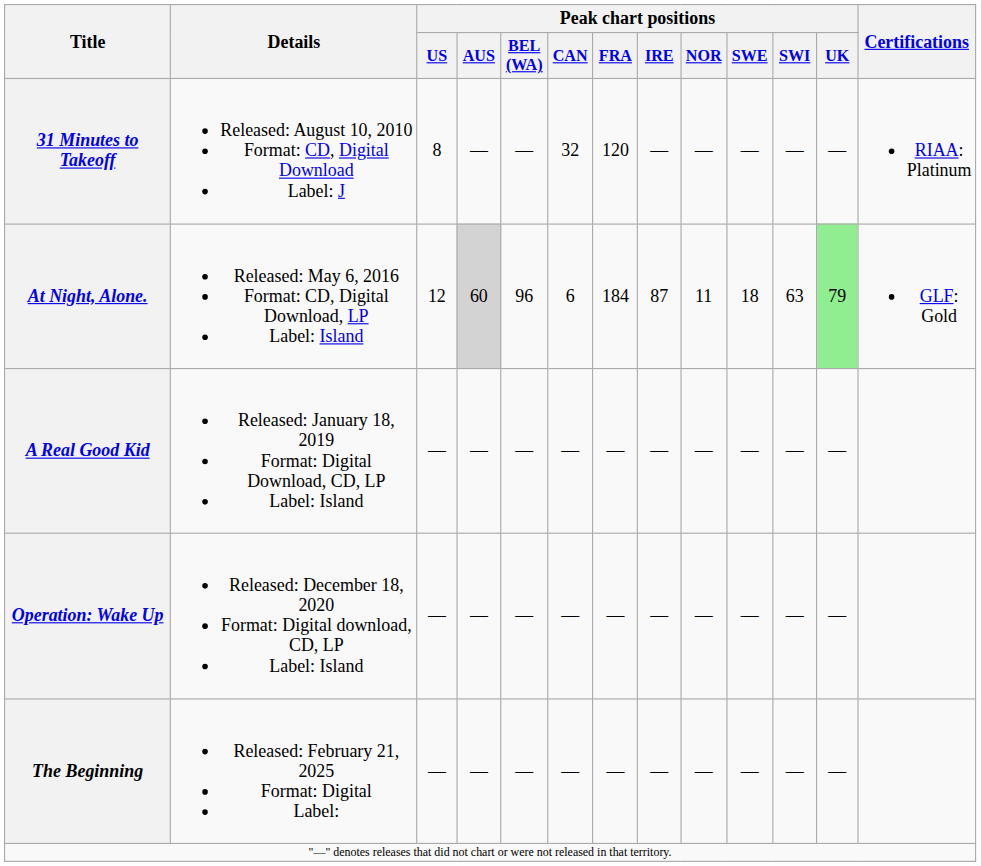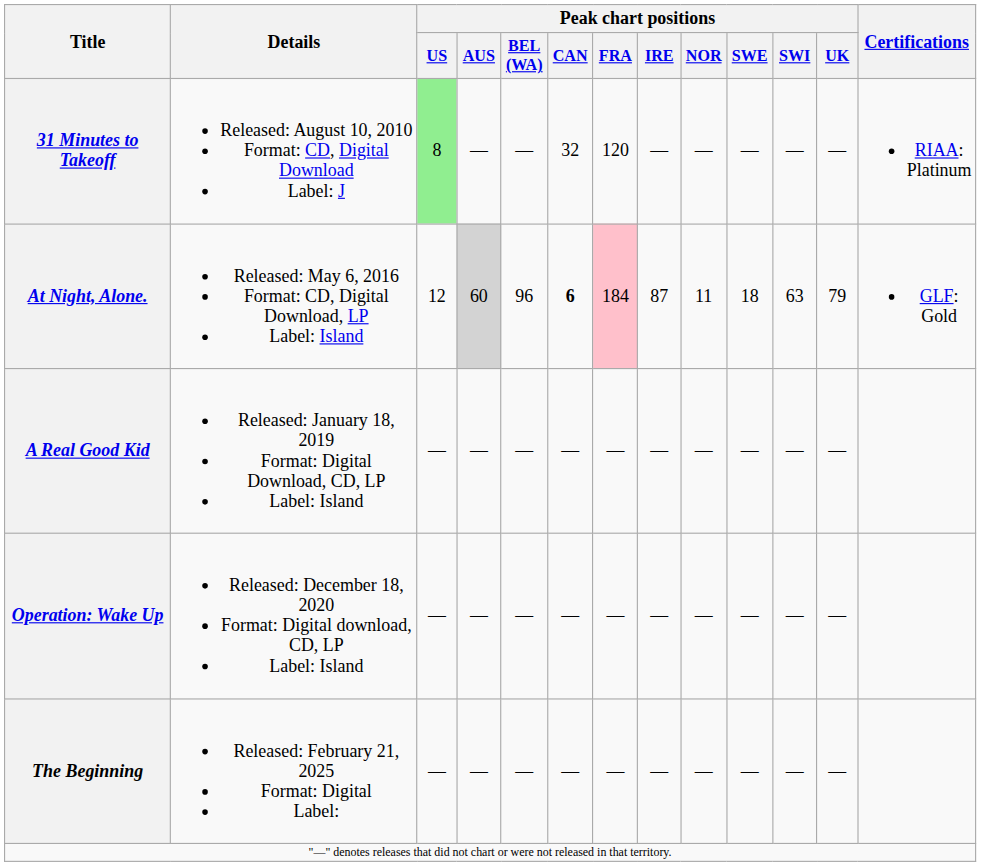 <table class="wikitable plainrowheaders" style="text-align:center;">
 <tr>
 <th scope="col" rowspan="2" style="width:12em;">Title</th>
 <th scope="col" rowspan="2" style="width:18em;">Details</th>
 <th scope="col" colspan="10">Peak chart positions</th>
 <th rowspan="2"><a href='#'>Certifications</a></th>
 </tr>
 <tr>
 <th scope="col" style="width:2.5em;font-size:90%;"><a href='#'>US</a><br></th>
 <th scope="col" style="width:2.5em;font-size:90%;"><a href='#'>AUS</a><br></th>
 <th scope="col" style="width:2.5em;font-size:90%;"><a href='#'>BEL<br>(WA)</a><br></th>
 <th scope="col" style="width:2.5em;font-size:90%;"><a href='#'>CAN</a><br></th>
 <th scope="col" style="width:2.5em;font-size:90%;"><a href='#'>FRA</a><br></th>
 <th scope="col" style="width:2.5em;font-size:90%;"><a href='#'>IRE</a><br></th>
 <th scope="col" style="width:2.5em;font-size:90%;"><a href='#'>NOR</a><br></th>
 <th scope="col" style="width:2.5em;font-size:90%;"><a href='#'>SWE</a><br></th>
 <th scope="col" style="width:2.5em;font-size:90%;"><a href='#'>SWI</a><br></th>
 <th scope="col" style="width:2.5em;font-size:90%;"><a href='#'>UK</a><br></th>
 </tr>
 <tr>
 <th scope="row"><em><a href='#'>31 Minutes to Takeoff</a></em></th>
 <td><br><ul><li>Released: August 10, 2010</li><li>Format: <a href='#'>CD</a>, <a href='#'>Digital Download</a></li><li>Label: <a href='#'>J</a></li></ul></td>
-<td>8</td>
+<td style="background: lightgreen;">8</td>
 <td>—</td>
 <td>—</td>
 <td>32</td>
 <td>120</td>
 <td>—</td>
 <td>—</td>
 <td>—</td>
 <td>—</td>
 <td>—</td>
 <td><br><ul><li><a href='#'>RIAA</a>: Platinum</li></ul></td>
 </tr>
 <tr>
 <th scope="row"><em><a href='#'>At Night, Alone.</a></em></th>
 <td><br><ul><li>Released: May 6, 2016</li><li>Format: CD, Digital Download, <a href='#'>LP</a></li><li>Label: <a href='#'>Island</a></li></ul></td>
 <td>12</td>
 <td style="background: lightgrey;">60</td>
 <td>96</td>
-<td>6</td>
-<td>184</td>
+<td><strong>6</strong></td>
+<td style="background: pink;">184</td>
 <td>87</td>
 <td>11</td>
 <td>18</td>
 <td>63</td>
-<td style="background: lightgreen;">79</td>
+<td>79</td>
 <td><br><ul><li><a href='#'>GLF</a>: Gold</li></ul></td>
 </tr>
 <tr>
 <th scope="row"><em><a href='#'>A Real Good Kid</a></em></th>
 <td><br><ul><li>Released: January 18, 2019</li><li>Format: Digital Download, CD, LP</li><li>Label: Island</li></ul></td>
 <td>—</td>
 <td>—</td>
 <td>—</td>
 <td>—</td>
 <td>—</td>
 <td>—</td>
 <td>—</td>
 <td>—</td>
 <td>—</td>
 <td>—</td>
 <td></td>
 </tr>
 <tr>
 <th scope="row"><em><a href='#'>Operation: Wake Up</a></em></th>
 <td><br><ul><li>Released: December 18, 2020</li><li>Format: Digital download, CD, LP</li><li>Label: Island</li></ul></td>
 <td>—</td>
 <td>—</td>
 <td>—</td>
 <td>—</td>
 <td>—</td>
 <td>—</td>
 <td>—</td>
 <td>—</td>
 <td>—</td>
 <td>—</td>
 <td></td>
 </tr>
 <tr>
 <th scope="row"><em>The Beginning</em></th>
 <td><br><ul><li>Released: February 21, 2025</li><li>Format: Digital</li><li>Label:</li></ul></td>
 <td>—</td>
 <td>—</td>
 <td>—</td>
 <td>—</td>
 <td>—</td>
 <td>—</td>
 <td>—</td>
 <td>—</td>
 <td>—</td>
 <td>—</td>
 <td></td>
 </tr>
 <tr>
 <td colspan="15" style="font-size:8pt">"—" denotes releases that did not chart or were not released in that territory.</td>
 </tr>
 </table>
